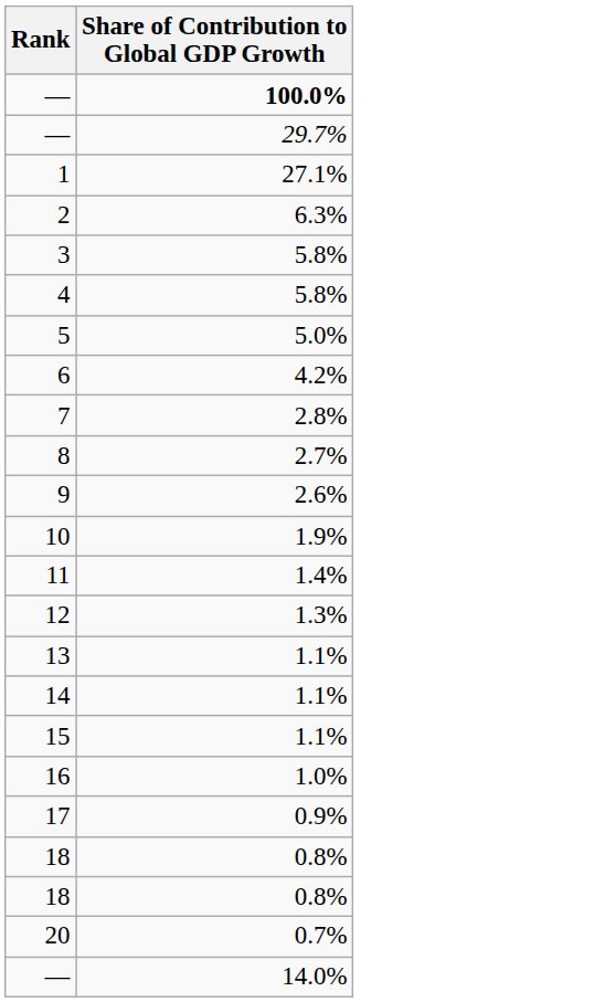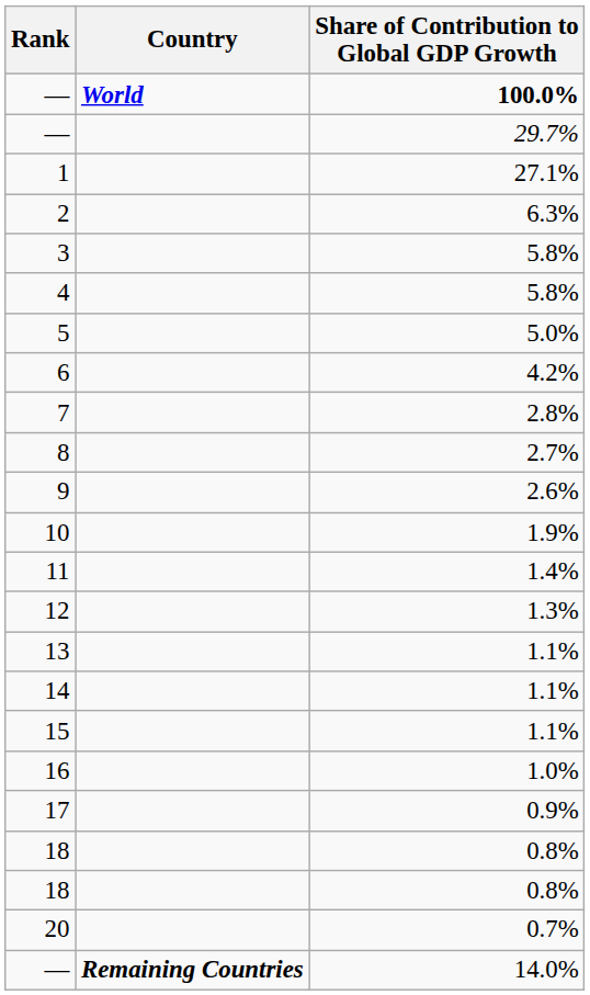 <table class="wikitable" style="text-align: right; display:inline-table;">
 <tr>
 <th style="width:2em;">Rank</th>
+<th>Country</th>
 <th>Share of Contribution to<br>Global GDP Growth</th>
 </tr>
 <tr>
 <td>—</td>
+<td align=left> <strong><em><a href='#'>World</a></em></strong></td>
 <td><strong>100.0%</strong></td>
 </tr>
 <tr>
 <td>—</td>
+<td align=left><strong><em></em></strong></td>
 <td><em>29.7%</em></td>
 </tr>
 <tr>
 <td>1</td>
+<td align=left><strong></strong></td>
 <td>27.1%</td>
 </tr>
 <tr>
 <td>2</td>
+<td align=left><strong></strong></td>
 <td>6.3%</td>
 </tr>
 <tr>
 <td>3</td>
+<td align=left><strong></strong></td>
 <td>5.8%</td>
 </tr>
 <tr>
 <td>4</td>
+<td align=left><strong></strong></td>
 <td>5.8%</td>
 </tr>
 <tr>
 <td>5</td>
+<td align=left><strong></strong></td>
 <td>5.0%</td>
 </tr>
 <tr>
 <td>6</td>
+<td align=left><strong></strong></td>
 <td>4.2%</td>
 </tr>
 <tr>
 <td>7</td>
+<td align=left><strong></strong></td>
 <td>2.8%</td>
 </tr>
 <tr>
 <td>8</td>
+<td align=left><strong></strong></td>
 <td>2.7%</td>
 </tr>
 <tr>
 <td>9</td>
+<td align=left><strong></strong></td>
 <td>2.6%</td>
 </tr>
 <tr>
 <td>10</td>
+<td align=left><strong></strong></td>
 <td>1.9%</td>
 </tr>
 <tr>
 <td>11</td>
+<td align=left><strong></strong></td>
 <td>1.4%</td>
 </tr>
 <tr>
 <td>12</td>
+<td align=left><strong></strong></td>
 <td>1.3%</td>
 </tr>
 <tr>
 <td>13</td>
+<td align=left><strong></strong></td>
 <td>1.1%</td>
 </tr>
 <tr>
 <td>14</td>
+<td align=left><strong></strong></td>
 <td>1.1%</td>
 </tr>
 <tr>
 <td>15</td>
+<td align=left><strong></strong></td>
 <td>1.1%</td>
 </tr>
 <tr>
 <td>16</td>
+<td align=left><strong></strong></td>
 <td>1.0%</td>
 </tr>
 <tr>
 <td>17</td>
+<td align=left><strong></strong></td>
 <td>0.9%</td>
 </tr>
 <tr>
 <td>18</td>
+<td align=left><strong></strong></td>
 <td>0.8%</td>
 </tr>
 <tr>
 <td>18</td>
+<td align=left><strong></strong></td>
 <td>0.8%</td>
 </tr>
 <tr>
 <td>20</td>
+<td align=left><strong></strong></td>
 <td>0.7%</td>
 </tr>
 <tr>
 <td>—</td>
+<td align=left><strong><em>Remaining Countries</em></strong></td>
 <td>14.0%</td>
 </tr>
 </table>
